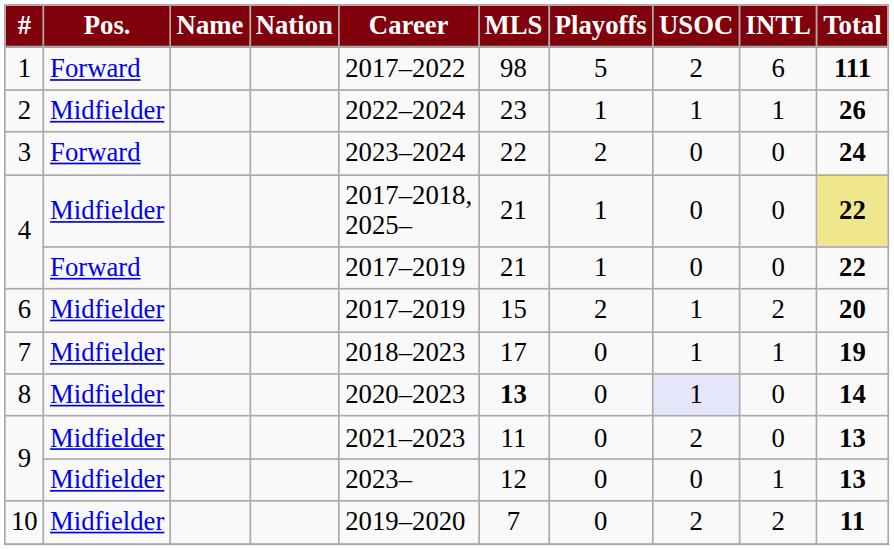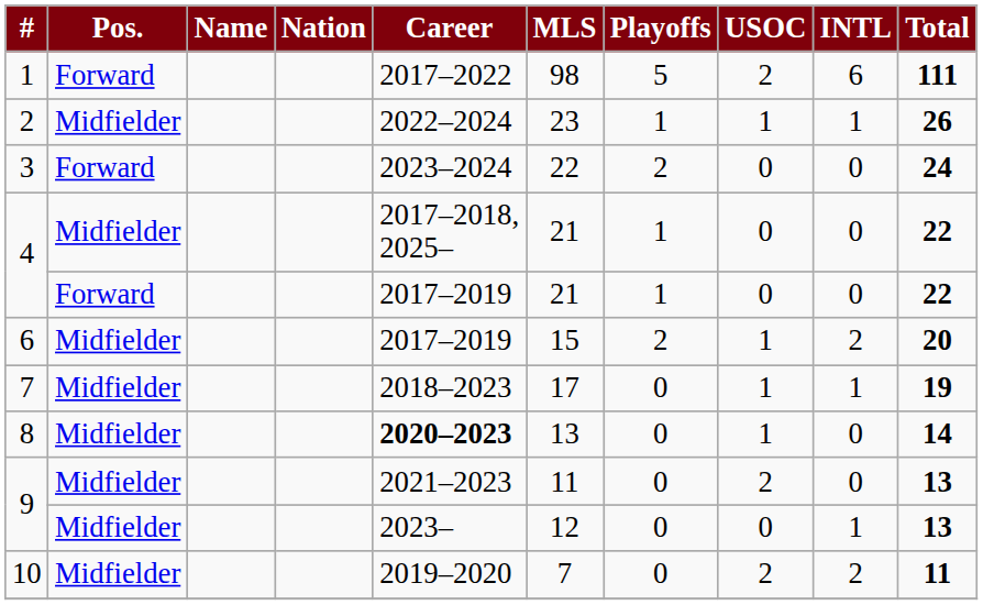 <table class="wikitable sortable" style="text-align:center;">
 <tr>
 <th style="background:#80000B; color:#FFFFFF;" scope="col">#</th>
 <th style="background:#80000B; color:#FFFFFF;" scope="col">Pos.</th>
 <th style="background:#80000B; color:#FFFFFF;" scope="col">Name</th>
 <th style="background:#80000B; color:#FFFFFF;" scope="col">Nation</th>
 <th style="background:#80000B; color:#FFFFFF;" scope="col">Career</th>
 <th style="background:#80000B; color:#FFFFFF;" scope="col">MLS</th>
 <th style="background:#80000B; color:#FFFFFF;" scope="col">Playoffs</th>
 <th style="background:#80000B; color:#FFFFFF;" scope="col">USOC</th>
 <th style="background:#80000B; color:#FFFFFF;" scope="col">INTL</th>
 <th style="background:#80000B; color:#FFFFFF;" scope="col">Total</th>
 </tr>
 <tr>
 <td>1</td>
 <td style="text-align:left;"><a href='#'>Forward</a></td>
 <td style="text-align:left;"></td>
 <td style="text-align:left;"></td>
 <td style="text-align:left;">2017–2022</td>
 <td>98</td>
 <td>5</td>
 <td>2</td>
 <td>6</td>
 <td><strong>111</strong></td>
 </tr>
 <tr>
 <td>2</td>
 <td style="text-align:left;"><a href='#'>Midfielder</a></td>
 <td style="text-align:left;"></td>
 <td style="text-align:left;"></td>
 <td style="text-align:left;">2022–2024</td>
 <td>23</td>
 <td>1</td>
 <td>1</td>
 <td>1</td>
 <td><strong>26</strong></td>
 </tr>
 <tr>
 <td>3</td>
 <td style="text-align:left;"><a href='#'>Forward</a></td>
 <td style="text-align:left;"></td>
 <td style="text-align:left;"></td>
 <td style="text-align:left;">2023–2024</td>
 <td>22</td>
 <td>2</td>
 <td>0</td>
 <td>0</td>
 <td><strong>24</strong></td>
 </tr>
 <tr>
 <td rowspan=2>4</td>
 <td style="text-align:left;"><a href='#'>Midfielder</a></td>
 <td style="text-align:left;"><strong></strong></td>
 <td style="text-align:left;"></td>
 <td style="text-align:left;">2017–2018,<br>2025–</td>
 <td>21</td>
 <td>1</td>
 <td>0</td>
 <td>0</td>
-<td style="background: khaki;"><strong>22</strong></td>
+<td><strong>22</strong></td>
 </tr>
 <tr>
 <td style="text-align:left;"><a href='#'>Forward</a></td>
 <td style="text-align:left;"></td>
 <td style="text-align:left;"></td>
 <td style="text-align:left;">2017–2019</td>
 <td>21</td>
 <td>1</td>
 <td>0</td>
 <td>0</td>
 <td><strong>22</strong></td>
 </tr>
 <tr>
 <td>6</td>
 <td style="text-align:left;"><a href='#'>Midfielder</a></td>
 <td style="text-align:left;"></td>
 <td style="text-align:left;"></td>
 <td style="text-align:left;">2017–2019</td>
 <td>15</td>
 <td>2</td>
 <td>1</td>
 <td>2</td>
 <td><strong>20</strong></td>
 </tr>
 <tr>
 <td>7</td>
 <td style="text-align:left;"><a href='#'>Midfielder</a></td>
 <td style="text-align:left;"></td>
 <td style="text-align:left;"></td>
 <td style="text-align:left;">2018–2023</td>
 <td>17</td>
 <td>0</td>
 <td>1</td>
 <td>1</td>
 <td><strong>19</strong></td>
 </tr>
 <tr>
 <td>8</td>
 <td style="text-align:left;"><a href='#'>Midfielder</a></td>
 <td style="text-align:left;"></td>
 <td style="text-align:left;"></td>
-<td style="text-align:left;">2020–2023</td>
-<td><strong>13</strong></td>
+<td style="text-align:left;"><strong>2020–2023</strong></td>
+<td>13</td>
 <td>0</td>
-<td style="background: lavender;">1</td>
+<td>1</td>
 <td>0</td>
 <td><strong>14</strong></td>
 </tr>
 <tr>
 <td rowspan=2>9</td>
 <td style="text-align:left;"><a href='#'>Midfielder</a></td>
 <td style="text-align:left;"></td>
 <td style="text-align:left;"></td>
 <td style="text-align:left;">2021–2023</td>
 <td>11</td>
 <td>0</td>
 <td>2</td>
 <td>0</td>
 <td><strong>13</strong></td>
 </tr>
 <tr>
 <td style="text-align:left;"><a href='#'>Midfielder</a></td>
 <td style="text-align:left;"><strong></strong></td>
 <td style="text-align:left;"></td>
 <td style="text-align:left;">2023–</td>
 <td>12</td>
 <td>0</td>
 <td>0</td>
 <td>1</td>
 <td><strong>13</strong></td>
 </tr>
 <tr>
 <td>10</td>
 <td style="text-align:left;"><a href='#'>Midfielder</a></td>
 <td style="text-align:left;"></td>
 <td style="text-align:left;"></td>
 <td style="text-align:left;">2019–2020</td>
 <td>7</td>
 <td>0</td>
 <td>2</td>
 <td>2</td>
 <td><strong>11</strong></td>
 </tr>
 <tr>
 </tr>
 </table>
